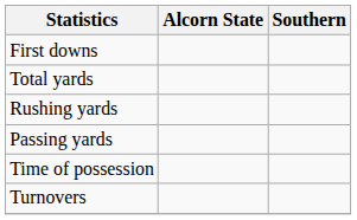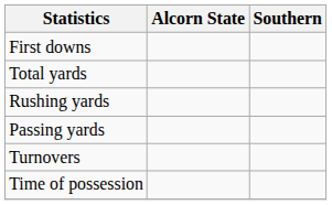 <table class="wikitable">
 <tr>
 <th>Statistics</th>
 <th>Alcorn State</th>
 <th>Southern</th>
 </tr>
 <tr>
 <td>First downs</td>
 <td> </td>
 <td> </td>
 </tr>
 <tr>
 <td>Total yards</td>
 <td> </td>
 <td> </td>
 </tr>
 <tr>
 <td>Rushing yards</td>
 <td> </td>
 <td> </td>
 </tr>
 <tr>
 <td>Passing yards</td>
 <td> </td>
 <td> </td>
 </tr>
 <tr>
-<td>Time of possession</td>
+<td>Turnovers</td>
 <td> </td>
 <td> </td>
 </tr>
 <tr>
-<td>Turnovers</td>
+<td>Time of possession</td>
 <td> </td>
 <td> </td>
 </tr>
 <tr>
 </tr>
 </table>
